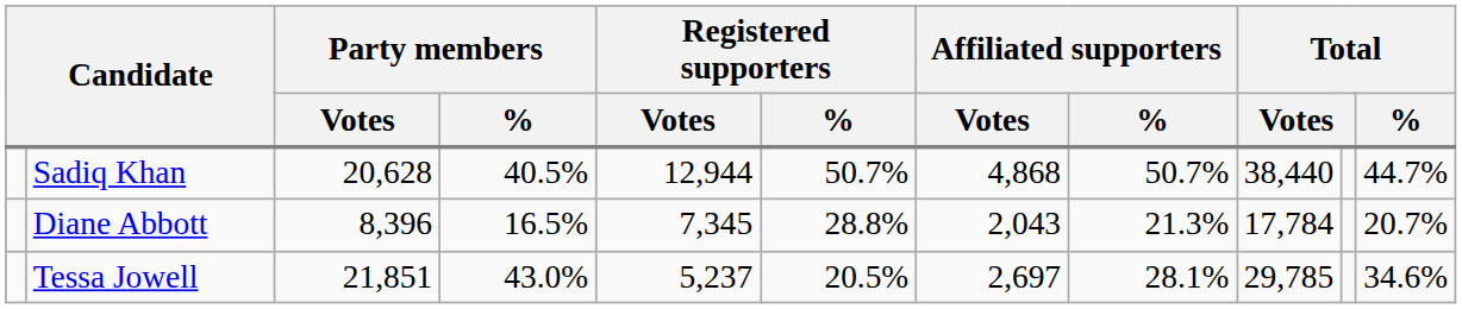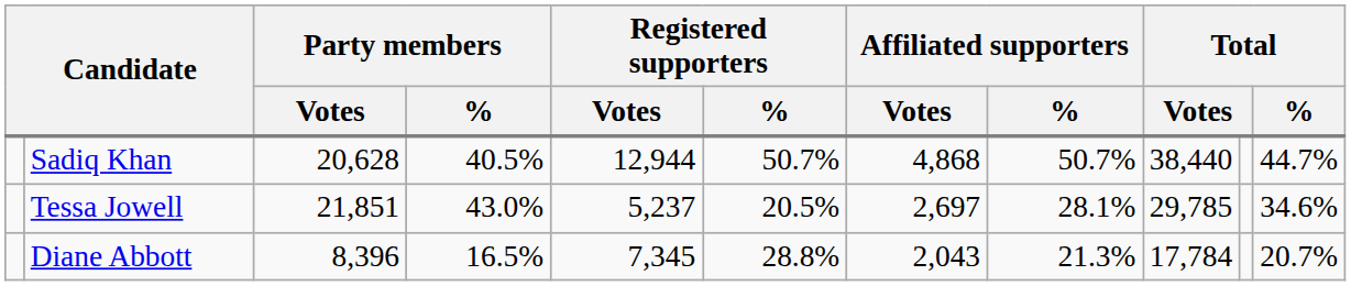 <table class="wikitable">
 <tr>
 <th colspan="2" scope="col" rowspan="2" width="125">Candidate</th>
 <th scope="col" colspan="2" width="150">Party members</th>
 <th scope="col" colspan="2" width="150">Registered supporters</th>
 <th scope="col" colspan="2" width="150">Affiliated supporters</th>
 <th scope="col" colspan="3" width="75">Total</th>
 </tr>
 <tr style="border-bottom: 2px solid gray;">
 <th>Votes</th>
 <th>%</th>
 <th>Votes</th>
 <th>%</th>
 <th>Votes</th>
 <th>%</th>
 <th scope="col" colspan="2">Votes</th>
 <th>%</th>
 </tr>
 <tr align="right">
 <td style="background-color: "></td>
 <td scope="row" align="left"><a href='#'>Sadiq Khan</a></td>
 <td>20,628</td>
 <td>40.5%</td>
 <td>12,944</td>
 <td>50.7%</td>
 <td>4,868</td>
 <td>50.7%</td>
 <td>38,440</td>
 <td align=center></td>
 <td>44.7%</td>
 </tr>
 <tr align="right">
 <td style="background-color: "></td>
+<td scope="row" align="left"><a href='#'>Tessa Jowell</a></td>
+<td>21,851</td>
+<td>43.0%</td>
+<td>5,237</td>
+<td>20.5%</td>
+<td>2,697</td>
+<td>28.1%</td>
+<td>29,785</td>
+<td align=center></td>
+<td>34.6%</td>
+</tr>
+<tr align="right">
+<td style="background-color: "></td>
 <td scope="row" align="left"><a href='#'>Diane Abbott</a></td>
 <td>8,396</td>
 <td>16.5%</td>
 <td>7,345</td>
 <td>28.8%</td>
 <td>2,043</td>
 <td>21.3%</td>
 <td>17,784</td>
 <td align=center></td>
 <td>20.7%</td>
 </tr>
-<tr align="right">
-<td style="background-color: "></td>
-<td scope="row" align="left"><a href='#'>Tessa Jowell</a></td>
-<td>21,851</td>
-<td>43.0%</td>
-<td>5,237</td>
-<td>20.5%</td>
-<td>2,697</td>
-<td>28.1%</td>
-<td>29,785</td>
-<td align=center></td>
-<td>34.6%</td>
-</tr>
 </table>
